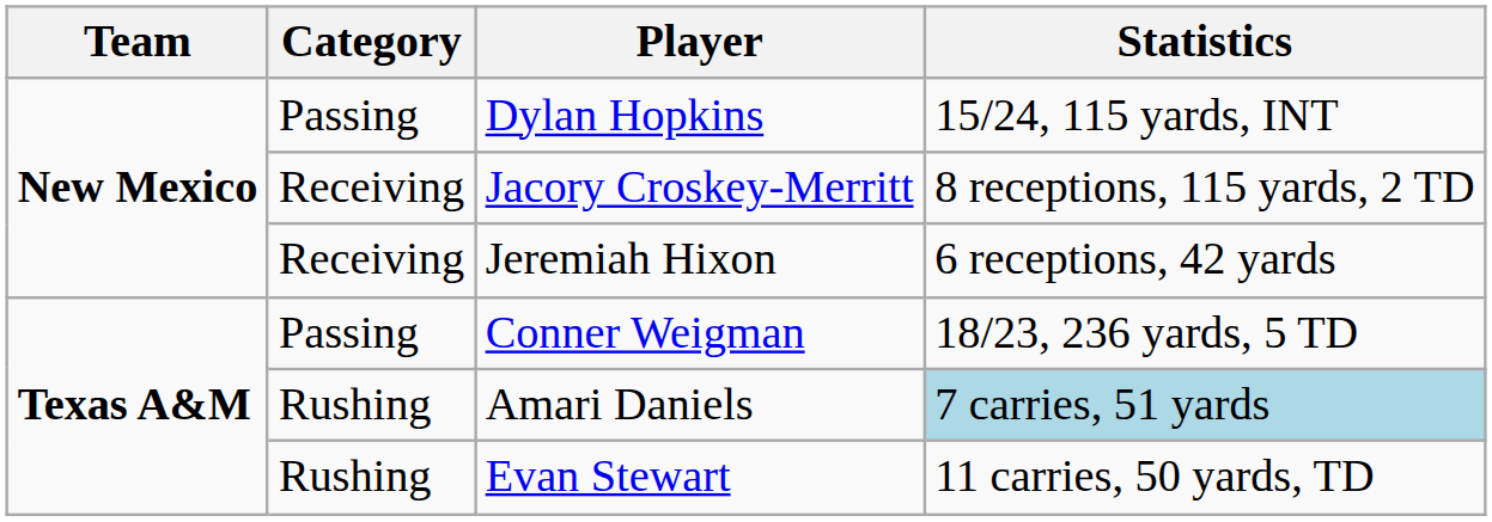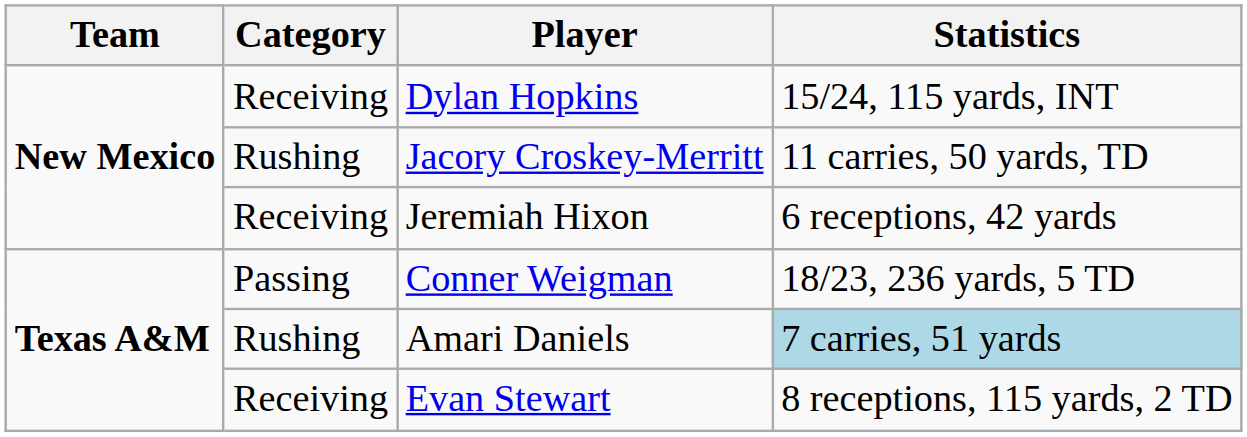 <table class="wikitable" style="float: right;">
 <tr>
 <th>Team</th>
 <th>Category</th>
 <th>Player</th>
 <th>Statistics</th>
 </tr>
 <tr>
 <td rowspan=3><strong>New Mexico</strong></td>
-<td>Passing</td>
+<td>Receiving</td>
 <td><a href='#'>Dylan Hopkins</a></td>
 <td>15/24, 115 yards, INT</td>
 </tr>
 <tr>
-<td>Receiving</td>
+<td>Rushing</td>
 <td><a href='#'>Jacory Croskey-Merritt</a></td>
-<td>8 receptions, 115 yards, 2 TD</td>
+<td>11 carries, 50 yards, TD</td>
 </tr>
 <tr>
 <td>Receiving</td>
 <td>Jeremiah Hixon</td>
 <td>6 receptions, 42 yards</td>
 </tr>
 <tr>
 <td rowspan=3><strong>Texas A&M</strong></td>
 <td>Passing</td>
 <td><a href='#'>Conner Weigman</a></td>
 <td>18/23, 236 yards, 5 TD</td>
 </tr>
 <tr>
 <td>Rushing</td>
 <td>Amari Daniels</td>
 <td style="background: lightblue;">7 carries, 51 yards</td>
 </tr>
 <tr>
-<td>Rushing</td>
+<td>Receiving</td>
 <td><a href='#'>Evan Stewart</a></td>
-<td>11 carries, 50 yards, TD</td>
+<td>8 receptions, 115 yards, 2 TD</td>
 </tr>
 </table>
